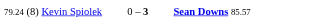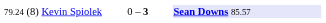 <table style="text-align:center">
 <tr>
 <th width=223></th>
 <th width=100></th>
 <th width=223></th>
 </tr>
 <tr>
 <td align=right><small>79.24</small> (8) <a href='#'>Kevin Spiolek</a> </td>
 <td>0 – <strong>3</strong></td>
-<td align=left> <strong><a href='#'>Sean Downs</a></strong> <small>85.57</small></td>
+<td align=left style="background: lavender;"> <strong><a href='#'>Sean Downs</a></strong> <small>85.57</small></td>
 </tr>
 </table>
